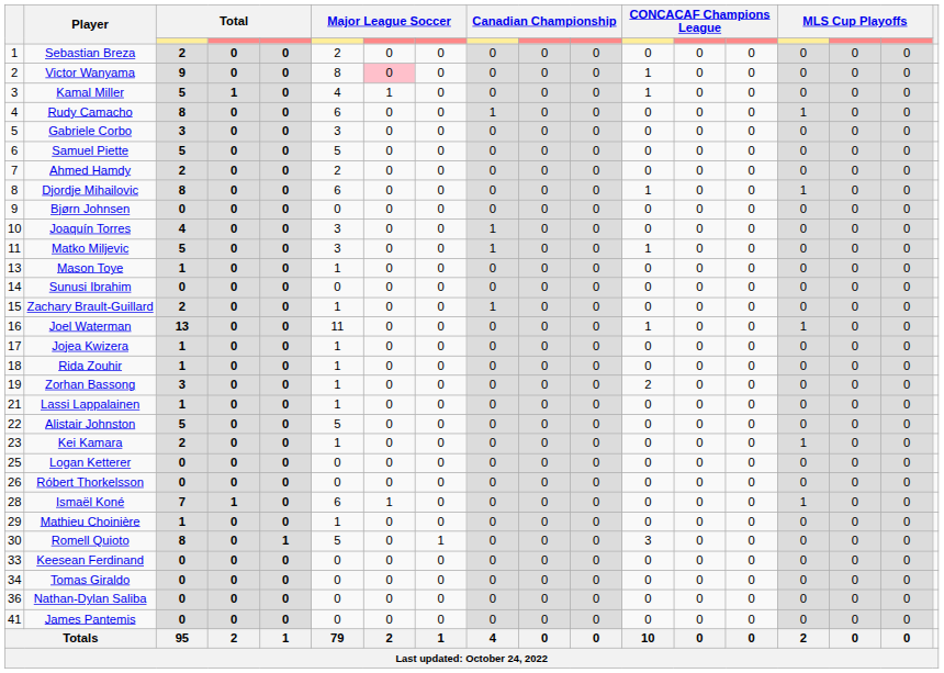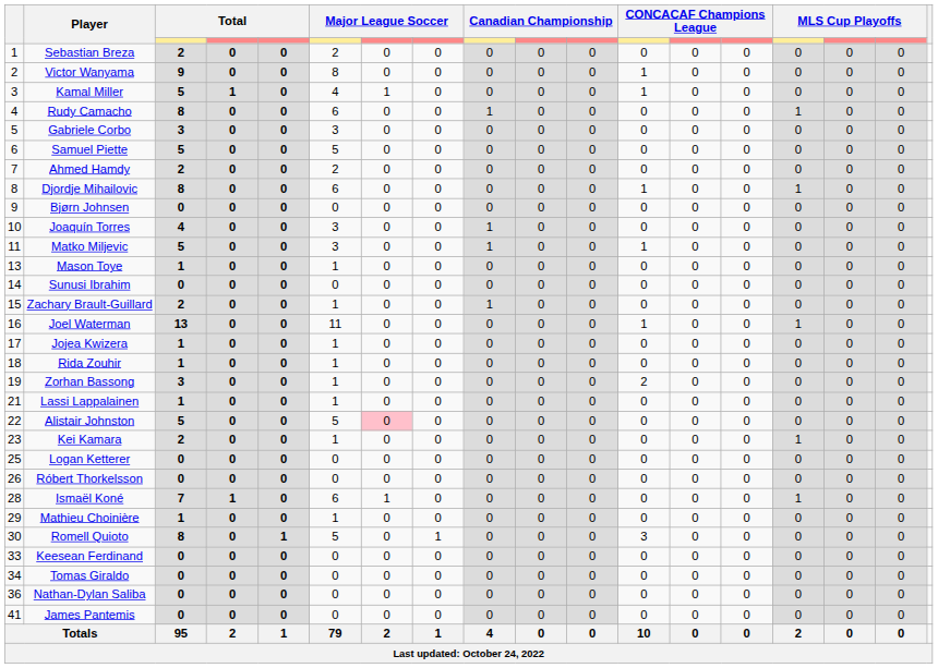 <table class="wikitable" style="text-align:center;">
 <tr style="text-align:center;">
 <th rowspan="2"></th>
 <th rowspan="2">Player</th>
 <th colspan="3">Total</th>
 <th colspan="3"><a href='#'>Major League Soccer</a></th>
 <th colspan="3"><a href='#'>Canadian Championship</a></th>
 <th colspan="3"><a href='#'>CONCACAF Champions League</a></th>
 <th colspan="3"><a href='#'>MLS Cup Playoffs</a></th>
 <th rowspan="2"></th>
 </tr>
 <tr>
 <th style="width:60px; background:#fe9;"></th>
 <th style="width:60px; background:#ff8888;"></th>
 <th style="width:60px; background:#ff8888;"></th>
 <th style="width:60px; background:#fe9;"></th>
 <th style="width:60px; background:#ff8888;"></th>
 <th style="width:60px; background:#ff8888;"></th>
 <th style="width:60px; background:#fe9;"></th>
 <th style="width:60px; background:#ff8888;"></th>
 <th style="width:60px; background:#ff8888;"></th>
 <th style="width:60px; background:#fe9;"></th>
 <th style="width:60px; background:#ff8888;"></th>
 <th style="width:60px; background:#ff8888;"></th>
 <th style="width:60px; background:#fe9;"></th>
 <th style="width:60px; background:#ff8888;"></th>
 <th style="width:60px; background:#ff8888;"></th>
 </tr>
 <tr>
 <td>1</td>
 <td><a href='#'>Sebastian Breza</a></td>
 <td style="background:#DCDCDC"><strong>2</strong> </td>
 <td style="background:#DCDCDC"><strong>0</strong> </td>
 <td style="background:#DCDCDC"><strong>0</strong> </td>
 <td>2 </td>
 <td>0 </td>
 <td>0 </td>
 <td style="background:#DCDCDC">0 </td>
 <td style="background:#DCDCDC">0 </td>
 <td style="background:#DCDCDC">0 </td>
 <td>0 </td>
 <td>0 </td>
 <td>0 </td>
 <td style="background:#DCDCDC">0 </td>
 <td style="background:#DCDCDC">0 </td>
 <td style="background:#DCDCDC">0 </td>
 <td></td>
 </tr>
 <tr>
 <td>2</td>
 <td><a href='#'>Victor Wanyama</a></td>
 <td style="background:#DCDCDC"><strong>9</strong> </td>
 <td style="background:#DCDCDC"><strong>0</strong> </td>
 <td style="background:#DCDCDC"><strong>0</strong> </td>
 <td>8 </td>
-<td style="background: pink;">0 </td>
+<td>0 </td>
 <td>0 </td>
 <td style="background:#DCDCDC">0 </td>
 <td style="background:#DCDCDC">0 </td>
 <td style="background:#DCDCDC">0 </td>
 <td>1 </td>
 <td>0 </td>
 <td>0 </td>
 <td style="background:#DCDCDC">0 </td>
 <td style="background:#DCDCDC">0 </td>
 <td style="background:#DCDCDC">0 </td>
 <td></td>
 </tr>
 <tr>
 <td>3</td>
 <td><a href='#'>Kamal Miller</a></td>
 <td style="background:#DCDCDC"><strong>5</strong> </td>
 <td style="background:#DCDCDC"><strong>1</strong> </td>
 <td style="background:#DCDCDC"><strong>0</strong> </td>
 <td>4 </td>
 <td>1 </td>
 <td>0 </td>
 <td style="background:#DCDCDC">0 </td>
 <td style="background:#DCDCDC">0 </td>
 <td style="background:#DCDCDC">0 </td>
 <td>1 </td>
 <td>0 </td>
 <td>0 </td>
 <td style="background:#DCDCDC">0 </td>
 <td style="background:#DCDCDC">0 </td>
 <td style="background:#DCDCDC">0 </td>
 <td></td>
 </tr>
 <tr>
 <td>4</td>
 <td><a href='#'>Rudy Camacho</a></td>
 <td style="background:#DCDCDC"><strong>8</strong> </td>
 <td style="background:#DCDCDC"><strong>0</strong> </td>
 <td style="background:#DCDCDC"><strong>0</strong> </td>
 <td>6 </td>
 <td>0 </td>
 <td>0 </td>
 <td style="background:#DCDCDC">1 </td>
 <td style="background:#DCDCDC">0 </td>
 <td style="background:#DCDCDC">0 </td>
 <td>0 </td>
 <td>0 </td>
 <td>0 </td>
 <td style="background:#DCDCDC">1 </td>
 <td style="background:#DCDCDC">0 </td>
 <td style="background:#DCDCDC">0 </td>
 <td></td>
 </tr>
 <tr>
 <td>5</td>
 <td><a href='#'>Gabriele Corbo</a></td>
 <td style="background:#DCDCDC"><strong>3</strong> </td>
 <td style="background:#DCDCDC"><strong>0</strong> </td>
 <td style="background:#DCDCDC"><strong>0</strong> </td>
 <td>3 </td>
 <td>0 </td>
 <td>0 </td>
 <td style="background:#DCDCDC">0 </td>
 <td style="background:#DCDCDC">0 </td>
 <td style="background:#DCDCDC">0 </td>
 <td>0 </td>
 <td>0 </td>
 <td>0 </td>
 <td style="background:#DCDCDC">0 </td>
 <td style="background:#DCDCDC">0 </td>
 <td style="background:#DCDCDC">0 </td>
 <td></td>
 </tr>
 <tr>
 <td>6</td>
 <td><a href='#'>Samuel Piette</a></td>
 <td style="background:#DCDCDC"><strong>5</strong> </td>
 <td style="background:#DCDCDC"><strong>0</strong> </td>
 <td style="background:#DCDCDC"><strong>0</strong> </td>
 <td>5 </td>
 <td>0 </td>
 <td>0 </td>
 <td style="background:#DCDCDC">0 </td>
 <td style="background:#DCDCDC">0 </td>
 <td style="background:#DCDCDC">0 </td>
 <td>0 </td>
 <td>0 </td>
 <td>0 </td>
 <td style="background:#DCDCDC">0 </td>
 <td style="background:#DCDCDC">0 </td>
 <td style="background:#DCDCDC">0 </td>
 <td></td>
 </tr>
 <tr>
 <td>7</td>
 <td><a href='#'>Ahmed Hamdy</a></td>
 <td style="background:#DCDCDC"><strong>2</strong> </td>
 <td style="background:#DCDCDC"><strong>0</strong> </td>
 <td style="background:#DCDCDC"><strong>0</strong> </td>
 <td>2 </td>
 <td>0 </td>
 <td>0 </td>
 <td style="background:#DCDCDC">0 </td>
 <td style="background:#DCDCDC">0 </td>
 <td style="background:#DCDCDC">0 </td>
 <td>0 </td>
 <td>0 </td>
 <td>0 </td>
 <td style="background:#DCDCDC">0 </td>
 <td style="background:#DCDCDC">0 </td>
 <td style="background:#DCDCDC">0 </td>
 <td></td>
 </tr>
 <tr>
 <td>8</td>
 <td><a href='#'>Djordje Mihailovic</a></td>
 <td style="background:#DCDCDC"><strong>8</strong> </td>
 <td style="background:#DCDCDC"><strong>0</strong> </td>
 <td style="background:#DCDCDC"><strong>0</strong> </td>
 <td>6 </td>
 <td>0 </td>
 <td>0 </td>
 <td style="background:#DCDCDC">0 </td>
 <td style="background:#DCDCDC">0 </td>
 <td style="background:#DCDCDC">0 </td>
 <td>1 </td>
 <td>0 </td>
 <td>0 </td>
 <td style="background:#DCDCDC">1 </td>
 <td style="background:#DCDCDC">0 </td>
 <td style="background:#DCDCDC">0 </td>
 <td></td>
 </tr>
 <tr>
 <td>9</td>
 <td><a href='#'>Bjørn Johnsen</a></td>
 <td style="background:#DCDCDC"><strong>0</strong> </td>
 <td style="background:#DCDCDC"><strong>0</strong> </td>
 <td style="background:#DCDCDC"><strong>0</strong> </td>
 <td>0 </td>
 <td>0 </td>
 <td>0 </td>
 <td style="background:#DCDCDC">0 </td>
 <td style="background:#DCDCDC">0 </td>
 <td style="background:#DCDCDC">0 </td>
 <td>0 </td>
 <td>0 </td>
 <td>0 </td>
 <td style="background:#DCDCDC">0 </td>
 <td style="background:#DCDCDC">0 </td>
 <td style="background:#DCDCDC">0 </td>
 <td></td>
 </tr>
 <tr>
 <td>10</td>
 <td><a href='#'>Joaquín Torres</a></td>
 <td style="background:#DCDCDC"><strong>4</strong> </td>
 <td style="background:#DCDCDC"><strong>0</strong> </td>
 <td style="background:#DCDCDC"><strong>0</strong> </td>
 <td>3 </td>
 <td>0 </td>
 <td>0 </td>
 <td style="background:#DCDCDC">1 </td>
 <td style="background:#DCDCDC">0 </td>
 <td style="background:#DCDCDC">0 </td>
 <td>0 </td>
 <td>0 </td>
 <td>0 </td>
 <td style="background:#DCDCDC">0 </td>
 <td style="background:#DCDCDC">0 </td>
 <td style="background:#DCDCDC">0 </td>
 <td></td>
 </tr>
 <tr>
 <td>11</td>
 <td><a href='#'>Matko Miljevic</a></td>
 <td style="background:#DCDCDC"><strong>5</strong> </td>
 <td style="background:#DCDCDC"><strong>0</strong> </td>
 <td style="background:#DCDCDC"><strong>0</strong> </td>
 <td>3 </td>
 <td>0 </td>
 <td>0 </td>
 <td style="background:#DCDCDC">1 </td>
 <td style="background:#DCDCDC">0 </td>
 <td style="background:#DCDCDC">0 </td>
 <td>1 </td>
 <td>0 </td>
 <td>0 </td>
 <td style="background:#DCDCDC">0 </td>
 <td style="background:#DCDCDC">0 </td>
 <td style="background:#DCDCDC">0 </td>
 <td></td>
 </tr>
 <tr>
 <td>13</td>
 <td><a href='#'>Mason Toye</a></td>
 <td style="background:#DCDCDC"><strong>1</strong> </td>
 <td style="background:#DCDCDC"><strong>0</strong> </td>
 <td style="background:#DCDCDC"><strong>0</strong> </td>
 <td>1 </td>
 <td>0 </td>
 <td>0 </td>
 <td style="background:#DCDCDC">0 </td>
 <td style="background:#DCDCDC">0 </td>
 <td style="background:#DCDCDC">0 </td>
 <td>0 </td>
 <td>0 </td>
 <td>0 </td>
 <td style="background:#DCDCDC">0 </td>
 <td style="background:#DCDCDC">0 </td>
 <td style="background:#DCDCDC">0 </td>
 <td></td>
 </tr>
 <tr>
 <td>14</td>
 <td><a href='#'>Sunusi Ibrahim</a></td>
 <td style="background:#DCDCDC"><strong>0</strong> </td>
 <td style="background:#DCDCDC"><strong>0</strong> </td>
 <td style="background:#DCDCDC"><strong>0</strong> </td>
 <td>0 </td>
 <td>0 </td>
 <td>0 </td>
 <td style="background:#DCDCDC">0 </td>
 <td style="background:#DCDCDC">0 </td>
 <td style="background:#DCDCDC">0 </td>
 <td>0 </td>
 <td>0 </td>
 <td>0 </td>
 <td style="background:#DCDCDC">0 </td>
 <td style="background:#DCDCDC">0 </td>
 <td style="background:#DCDCDC">0 </td>
 <td></td>
 </tr>
 <tr>
 <td>15</td>
 <td><a href='#'>Zachary Brault-Guillard</a></td>
 <td style="background:#DCDCDC"><strong>2</strong> </td>
 <td style="background:#DCDCDC"><strong>0</strong> </td>
 <td style="background:#DCDCDC"><strong>0</strong> </td>
 <td>1 </td>
 <td>0 </td>
 <td>0 </td>
 <td style="background:#DCDCDC">1 </td>
 <td style="background:#DCDCDC">0 </td>
 <td style="background:#DCDCDC">0 </td>
 <td>0 </td>
 <td>0 </td>
 <td>0 </td>
 <td style="background:#DCDCDC">0 </td>
 <td style="background:#DCDCDC">0 </td>
 <td style="background:#DCDCDC">0 </td>
 <td></td>
 </tr>
 <tr>
 <td>16</td>
 <td><a href='#'>Joel Waterman</a></td>
 <td style="background:#DCDCDC"><strong>13</strong> </td>
 <td style="background:#DCDCDC"><strong>0</strong> </td>
 <td style="background:#DCDCDC"><strong>0</strong> </td>
 <td>11 </td>
 <td>0 </td>
 <td>0 </td>
 <td style="background:#DCDCDC">0 </td>
 <td style="background:#DCDCDC">0 </td>
 <td style="background:#DCDCDC">0 </td>
 <td>1 </td>
 <td>0 </td>
 <td>0 </td>
 <td style="background:#DCDCDC">1 </td>
 <td style="background:#DCDCDC">0 </td>
 <td style="background:#DCDCDC">0 </td>
 <td></td>
 </tr>
 <tr>
 <td>17</td>
 <td><a href='#'>Jojea Kwizera</a></td>
 <td style="background:#DCDCDC"><strong>1</strong> </td>
 <td style="background:#DCDCDC"><strong>0</strong> </td>
 <td style="background:#DCDCDC"><strong>0</strong> </td>
 <td>1 </td>
 <td>0 </td>
 <td>0 </td>
 <td style="background:#DCDCDC">0 </td>
 <td style="background:#DCDCDC">0 </td>
 <td style="background:#DCDCDC">0 </td>
 <td>0 </td>
 <td>0 </td>
 <td>0 </td>
 <td style="background:#DCDCDC">0 </td>
 <td style="background:#DCDCDC">0 </td>
 <td style="background:#DCDCDC">0 </td>
 <td></td>
 </tr>
 <tr>
 <td>18</td>
 <td><a href='#'>Rida Zouhir</a></td>
 <td style="background:#DCDCDC"><strong>1</strong> </td>
 <td style="background:#DCDCDC"><strong>0</strong> </td>
 <td style="background:#DCDCDC"><strong>0</strong> </td>
 <td>1 </td>
 <td>0 </td>
 <td>0 </td>
 <td style="background:#DCDCDC">0 </td>
 <td style="background:#DCDCDC">0 </td>
 <td style="background:#DCDCDC">0 </td>
 <td>0 </td>
 <td>0 </td>
 <td>0 </td>
 <td style="background:#DCDCDC">0 </td>
 <td style="background:#DCDCDC">0 </td>
 <td style="background:#DCDCDC">0 </td>
 <td></td>
 </tr>
 <tr>
 <td>19</td>
 <td><a href='#'>Zorhan Bassong</a></td>
 <td style="background:#DCDCDC"><strong>3</strong> </td>
 <td style="background:#DCDCDC"><strong>0</strong> </td>
 <td style="background:#DCDCDC"><strong>0</strong> </td>
 <td>1 </td>
 <td>0 </td>
 <td>0 </td>
 <td style="background:#DCDCDC">0 </td>
 <td style="background:#DCDCDC">0 </td>
 <td style="background:#DCDCDC">0 </td>
 <td>2 </td>
 <td>0 </td>
 <td>0 </td>
 <td style="background:#DCDCDC">0 </td>
 <td style="background:#DCDCDC">0 </td>
 <td style="background:#DCDCDC">0 </td>
 <td></td>
 </tr>
 <tr>
 <td>21</td>
 <td><a href='#'>Lassi Lappalainen</a></td>
 <td style="background:#DCDCDC"><strong>1</strong> </td>
 <td style="background:#DCDCDC"><strong>0</strong> </td>
 <td style="background:#DCDCDC"><strong>0</strong> </td>
 <td>1 </td>
 <td>0 </td>
 <td>0 </td>
 <td style="background:#DCDCDC">0 </td>
 <td style="background:#DCDCDC">0 </td>
 <td style="background:#DCDCDC">0 </td>
 <td>0 </td>
 <td>0 </td>
 <td>0 </td>
 <td style="background:#DCDCDC">0 </td>
 <td style="background:#DCDCDC">0 </td>
 <td style="background:#DCDCDC">0 </td>
 <td></td>
 </tr>
 <tr>
 <td>22</td>
 <td><a href='#'>Alistair Johnston</a></td>
 <td style="background:#DCDCDC"><strong>5</strong> </td>
 <td style="background:#DCDCDC"><strong>0</strong> </td>
 <td style="background:#DCDCDC"><strong>0</strong> </td>
 <td>5 </td>
-<td>0 </td>
+<td style="background: pink;">0 </td>
 <td>0 </td>
 <td style="background:#DCDCDC">0 </td>
 <td style="background:#DCDCDC">0 </td>
 <td style="background:#DCDCDC">0 </td>
 <td>0 </td>
 <td>0 </td>
 <td>0 </td>
 <td style="background:#DCDCDC">0 </td>
 <td style="background:#DCDCDC">0 </td>
 <td style="background:#DCDCDC">0 </td>
 <td></td>
 </tr>
 <tr>
 <td>23</td>
 <td><a href='#'>Kei Kamara</a></td>
 <td style="background:#DCDCDC"><strong>2</strong> </td>
 <td style="background:#DCDCDC"><strong>0</strong> </td>
 <td style="background:#DCDCDC"><strong>0</strong> </td>
 <td>1 </td>
 <td>0 </td>
 <td>0 </td>
 <td style="background:#DCDCDC">0 </td>
 <td style="background:#DCDCDC">0 </td>
 <td style="background:#DCDCDC">0 </td>
 <td>0 </td>
 <td>0 </td>
 <td>0 </td>
 <td style="background:#DCDCDC">1 </td>
 <td style="background:#DCDCDC">0 </td>
 <td style="background:#DCDCDC">0 </td>
 <td></td>
 </tr>
 <tr>
 <td>25</td>
 <td><a href='#'>Logan Ketterer</a></td>
 <td style="background:#DCDCDC"><strong>0</strong> </td>
 <td style="background:#DCDCDC"><strong>0</strong> </td>
 <td style="background:#DCDCDC"><strong>0</strong> </td>
 <td>0 </td>
 <td>0 </td>
 <td>0 </td>
 <td style="background:#DCDCDC">0 </td>
 <td style="background:#DCDCDC">0 </td>
 <td style="background:#DCDCDC">0 </td>
 <td>0 </td>
 <td>0 </td>
 <td>0 </td>
 <td style="background:#DCDCDC">0 </td>
 <td style="background:#DCDCDC">0 </td>
 <td style="background:#DCDCDC">0 </td>
 <td></td>
 </tr>
 <tr>
 <td>26</td>
 <td><a href='#'>Róbert Thorkelsson</a></td>
 <td style="background:#DCDCDC"><strong>0</strong> </td>
 <td style="background:#DCDCDC"><strong>0</strong> </td>
 <td style="background:#DCDCDC"><strong>0</strong> </td>
 <td>0 </td>
 <td>0 </td>
 <td>0 </td>
 <td style="background:#DCDCDC">0 </td>
 <td style="background:#DCDCDC">0 </td>
 <td style="background:#DCDCDC">0 </td>
 <td>0 </td>
 <td>0 </td>
 <td>0 </td>
 <td style="background:#DCDCDC">0 </td>
 <td style="background:#DCDCDC">0 </td>
 <td style="background:#DCDCDC">0 </td>
 <td></td>
 </tr>
 <tr>
 <td>28</td>
 <td><a href='#'>Ismaël Koné</a></td>
 <td style="background:#DCDCDC"><strong>7</strong> </td>
 <td style="background:#DCDCDC"><strong>1</strong> </td>
 <td style="background:#DCDCDC"><strong>0</strong> </td>
 <td>6 </td>
 <td>1 </td>
 <td>0 </td>
 <td style="background:#DCDCDC">0 </td>
 <td style="background:#DCDCDC">0 </td>
 <td style="background:#DCDCDC">0 </td>
 <td>0 </td>
 <td>0 </td>
 <td>0 </td>
 <td style="background:#DCDCDC">1 </td>
 <td style="background:#DCDCDC">0 </td>
 <td style="background:#DCDCDC">0 </td>
 <td></td>
 </tr>
 <tr>
 <td>29</td>
 <td><a href='#'>Mathieu Choinière</a></td>
 <td style="background:#DCDCDC"><strong>1</strong> </td>
 <td style="background:#DCDCDC"><strong>0</strong> </td>
 <td style="background:#DCDCDC"><strong>0</strong> </td>
 <td>1 </td>
 <td>0 </td>
 <td>0 </td>
 <td style="background:#DCDCDC">0 </td>
 <td style="background:#DCDCDC">0 </td>
 <td style="background:#DCDCDC">0 </td>
 <td>0 </td>
 <td>0 </td>
 <td>0 </td>
 <td style="background:#DCDCDC">0 </td>
 <td style="background:#DCDCDC">0 </td>
 <td style="background:#DCDCDC">0 </td>
 <td></td>
 </tr>
 <tr>
 <td>30</td>
 <td><a href='#'>Romell Quioto</a></td>
 <td style="background:#DCDCDC"><strong>8</strong> </td>
 <td style="background:#DCDCDC"><strong>0</strong> </td>
 <td style="background:#DCDCDC"><strong>1</strong> </td>
 <td>5 </td>
 <td>0 </td>
 <td>1 </td>
 <td style="background:#DCDCDC">0 </td>
 <td style="background:#DCDCDC">0 </td>
 <td style="background:#DCDCDC">0 </td>
 <td>3 </td>
 <td>0 </td>
 <td>0 </td>
 <td style="background:#DCDCDC">0 </td>
 <td style="background:#DCDCDC">0 </td>
 <td style="background:#DCDCDC">0 </td>
 <td></td>
 </tr>
 <tr>
 <td>33</td>
 <td><a href='#'>Keesean Ferdinand</a></td>
 <td style="background:#DCDCDC"><strong>0</strong> </td>
 <td style="background:#DCDCDC"><strong>0</strong> </td>
 <td style="background:#DCDCDC"><strong>0</strong> </td>
 <td>0 </td>
 <td>0 </td>
 <td>0 </td>
 <td style="background:#DCDCDC">0 </td>
 <td style="background:#DCDCDC">0 </td>
 <td style="background:#DCDCDC">0 </td>
 <td>0 </td>
 <td>0 </td>
 <td>0 </td>
 <td style="background:#DCDCDC">0 </td>
 <td style="background:#DCDCDC">0 </td>
 <td style="background:#DCDCDC">0 </td>
 <td></td>
 </tr>
 <tr>
 <td>34</td>
 <td><a href='#'>Tomas Giraldo</a></td>
 <td style="background:#DCDCDC"><strong>0</strong> </td>
 <td style="background:#DCDCDC"><strong>0</strong> </td>
 <td style="background:#DCDCDC"><strong>0</strong> </td>
 <td>0 </td>
 <td>0 </td>
 <td>0 </td>
 <td style="background:#DCDCDC">0 </td>
 <td style="background:#DCDCDC">0 </td>
 <td style="background:#DCDCDC">0 </td>
 <td>0 </td>
 <td>0 </td>
 <td>0 </td>
 <td style="background:#DCDCDC">0 </td>
 <td style="background:#DCDCDC">0 </td>
 <td style="background:#DCDCDC">0 </td>
 <td></td>
 </tr>
 <tr>
 <td>36</td>
 <td><a href='#'>Nathan-Dylan Saliba</a></td>
 <td style="background:#DCDCDC"><strong>0</strong> </td>
 <td style="background:#DCDCDC"><strong>0</strong> </td>
 <td style="background:#DCDCDC"><strong>0</strong> </td>
 <td>0 </td>
 <td>0 </td>
 <td>0 </td>
 <td style="background:#DCDCDC">0 </td>
 <td style="background:#DCDCDC">0 </td>
 <td style="background:#DCDCDC">0 </td>
 <td>0 </td>
 <td>0 </td>
 <td>0 </td>
 <td style="background:#DCDCDC">0 </td>
 <td style="background:#DCDCDC">0 </td>
 <td style="background:#DCDCDC">0 </td>
 <td></td>
 </tr>
 <tr>
 <td>41</td>
 <td><a href='#'>James Pantemis</a></td>
 <td style="background:#DCDCDC"><strong>0</strong> </td>
 <td style="background:#DCDCDC"><strong>0</strong> </td>
 <td style="background:#DCDCDC"><strong>0</strong> </td>
 <td>0 </td>
 <td>0 </td>
 <td>0 </td>
 <td style="background:#DCDCDC">0 </td>
 <td style="background:#DCDCDC">0 </td>
 <td style="background:#DCDCDC">0 </td>
 <td>0 </td>
 <td>0 </td>
 <td>0 </td>
 <td style="background:#DCDCDC">0 </td>
 <td style="background:#DCDCDC">0 </td>
 <td style="background:#DCDCDC">0 </td>
 <td></td>
 </tr>
 <tr>
 <th colspan="2">Totals</th>
 <th>95 </th>
 <th>2 </th>
 <th>1 </th>
 <th>79 </th>
 <th>2 </th>
 <th>1 </th>
 <th>4 </th>
 <th>0 </th>
 <th>0 </th>
 <th>10 </th>
 <th>0 </th>
 <th>0 </th>
 <th>2 </th>
 <th>0 </th>
 <th>0 </th>
 <td></td>
 </tr>
 <tr>
 <th colspan="20"><small>Last updated: October 24, 2022</small></th>
 </tr>
 </table>
